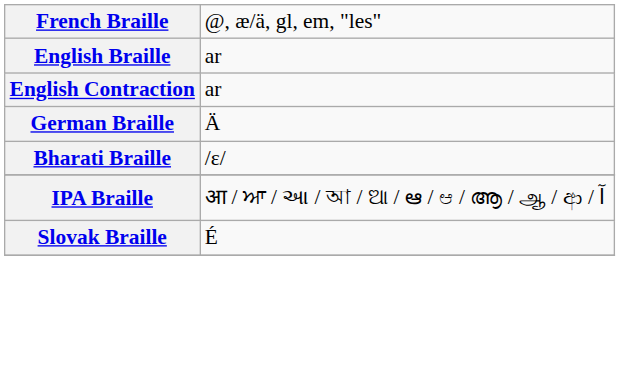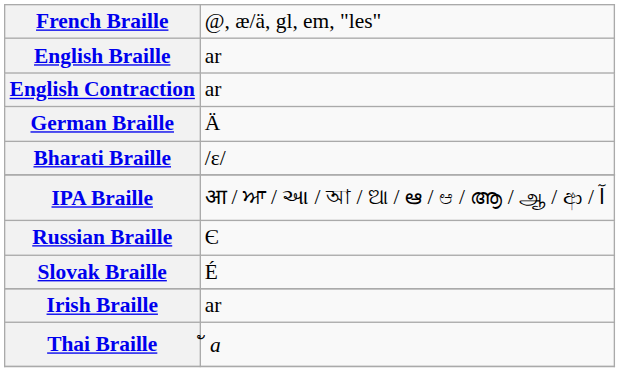 <table class="wikitable">
 <tr>
 <th align=left><a href='#'>French Braille</a></th>
 <td>@, æ/ä, gl, em, "les"</td>
 </tr>
 <tr>
 <th align=left><a href='#'>English Braille</a></th>
 <td>ar</td>
 </tr>
 <tr>
 <th align=left><a href='#'>English Contraction</a></th>
 <td>ar</td>
 </tr>
 <tr>
 <th align=left><a href='#'>German Braille</a></th>
 <td>Ä</td>
 </tr>
 <tr>
 <th align=left><a href='#'>Bharati Braille</a></th>
 <td>/ɛ/</td>
 </tr>
 <tr>
 </tr>
 <tr>
 <th align=left><a href='#'>IPA Braille</a></th>
 <td>आ / ਆ / આ / আ / ଆ / ఆ / ಆ / ആ / ஆ / ආ / آ ‎</td>
 </tr>
 <tr>
+<th align=left><a href='#'>Russian Braille</a></th>
+<td>Є</td>
+</tr>
+<tr>
 <th align=left><a href='#'>Slovak Braille</a></th>
 <td>É</td>
 </tr>
 <tr>
 </tr>
 <tr>
 </tr>
 <tr>
+<th align=left><a href='#'>Irish Braille</a></th>
+<td>ar</td>
+</tr>
+<tr>
+<th align=left><a href='#'>Thai Braille</a></th>
+<td>ั <em>a</em></td>
+</tr>
+<tr>
 </tr>
 </table>
